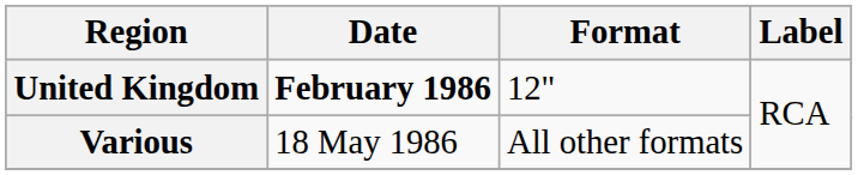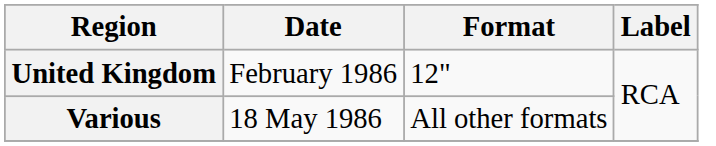 <table class="wikitable plainrowheaders">
 <tr>
 <th scope="col">Region</th>
 <th scope="col">Date</th>
 <th scope="col">Format</th>
 <th scope="col">Label</th>
 </tr>
 <tr>
 <th scope="row">United Kingdom</th>
-<td><strong>February 1986</strong></td>
+<td>February 1986</td>
 <td>12"</td>
 <td rowspan = "2">RCA</td>
 </tr>
 <tr>
 <th scope="row">Various</th>
 <td>18 May 1986</td>
 <td>All other formats</td>
 </tr>
 <tr>
 </tr>
 </table>
